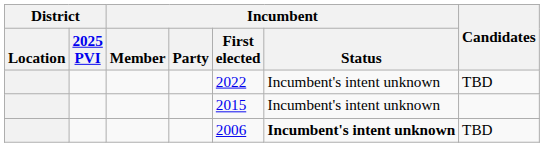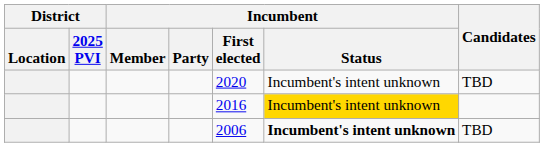 <table class="wikitable sortable">
 <tr>
 <th colspan=2>District</th>
 <th colspan=4>Incumbent</th>
 <th rowspan=2 class="unsortable">Candidates</th>
 </tr>
 <tr valign=bottom>
 <th>Location</th>
 <th><a href='#'>2025<br>PVI</a></th>
 <th>Member</th>
 <th>Party</th>
 <th>First<br>elected</th>
 <th>Status</th>
 </tr>
 <tr>
 <th></th>
 <td></td>
 <td></td>
 <td></td>
-<td><a href='#'>2022 </a></td>
+<td><a href='#'>2020 </a></td>
 <td>Incumbent's intent unknown</td>
 <td>TBD</td>
 </tr>
 <tr>
 <th></th>
 <td></td>
 <td></td>
 <td></td>
-<td><a href='#'>2015</a></td>
-<td>Incumbent's intent unknown</td>
+<td><a href='#'>2016</a></td>
+<td style="background: gold;">Incumbent's intent unknown</td>
 <td></td>
 </tr>
 <tr>
 <th></th>
 <td></td>
 <td></td>
 <td></td>
 <td><a href='#'>2006</a></td>
 <td><strong>Incumbent's intent unknown</strong></td>
 <td>TBD</td>
 </tr>
 </table>
